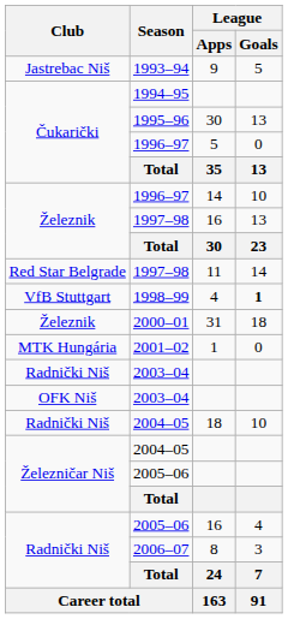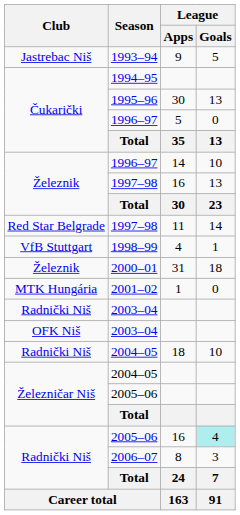 <table class="wikitable" style="text-align:center">
 <tr>
 <th rowspan="2">Club</th>
 <th rowspan="2">Season</th>
 <th colspan="2">League</th>
 </tr>
 <tr>
 <th>Apps</th>
 <th>Goals</th>
 </tr>
 <tr>
 <td><a href='#'>Jastrebac Niš</a></td>
 <td><a href='#'>1993–94</a></td>
 <td>9</td>
 <td>5</td>
 </tr>
 <tr>
 <td rowspan="4"><a href='#'>Čukarički</a></td>
 <td><a href='#'>1994–95</a></td>
 <td></td>
 <td></td>
 </tr>
 <tr>
 <td><a href='#'>1995–96</a></td>
 <td>30</td>
 <td>13</td>
 </tr>
 <tr>
 <td><a href='#'>1996–97</a></td>
 <td>5</td>
 <td>0</td>
 </tr>
 <tr>
 <th>Total</th>
 <th>35</th>
 <th>13</th>
 </tr>
 <tr>
 <td rowspan="3"><a href='#'>Železnik</a></td>
 <td><a href='#'>1996–97</a></td>
 <td>14</td>
 <td>10</td>
 </tr>
 <tr>
 <td><a href='#'>1997–98</a></td>
 <td>16</td>
 <td>13</td>
 </tr>
 <tr>
 <th>Total</th>
 <th>30</th>
 <th>23</th>
 </tr>
 <tr>
 <td><a href='#'>Red Star Belgrade</a></td>
 <td><a href='#'>1997–98</a></td>
 <td>11</td>
 <td>14</td>
 </tr>
 <tr>
 <td><a href='#'>VfB Stuttgart</a></td>
 <td><a href='#'>1998–99</a></td>
 <td>4</td>
-<td><strong>1</strong></td>
+<td>1</td>
 </tr>
 <tr>
 <td><a href='#'>Železnik</a></td>
 <td><a href='#'>2000–01</a></td>
 <td>31</td>
 <td>18</td>
 </tr>
 <tr>
 <td><a href='#'>MTK Hungária</a></td>
 <td><a href='#'>2001–02</a></td>
 <td>1</td>
 <td>0</td>
 </tr>
 <tr>
 <td><a href='#'>Radnički Niš</a></td>
 <td><a href='#'>2003–04</a></td>
 <td></td>
 <td></td>
 </tr>
 <tr>
 <td><a href='#'>OFK Niš</a></td>
 <td><a href='#'>2003–04</a></td>
 <td></td>
 <td></td>
 </tr>
 <tr>
 <td><a href='#'>Radnički Niš</a></td>
 <td><a href='#'>2004–05</a></td>
 <td>18</td>
 <td>10</td>
 </tr>
 <tr>
 <td rowspan="3"><a href='#'>Železničar Niš</a></td>
 <td>2004–05</td>
 <td></td>
 <td></td>
 </tr>
 <tr>
 <td>2005–06</td>
 <td></td>
 <td></td>
 </tr>
 <tr>
 <th>Total</th>
 <th></th>
 <th></th>
 </tr>
 <tr>
 <td rowspan="3"><a href='#'>Radnički Niš</a></td>
 <td><a href='#'>2005–06</a></td>
 <td>16</td>
-<td>4</td>
+<td style="background: paleturquoise;">4</td>
 </tr>
 <tr>
 <td><a href='#'>2006–07</a></td>
 <td>8</td>
 <td>3</td>
 </tr>
 <tr>
 <th>Total</th>
 <th>24</th>
 <th>7</th>
 </tr>
 <tr>
 <th colspan="2">Career total</th>
 <th>163</th>
 <th>91</th>
 </tr>
 </table>
